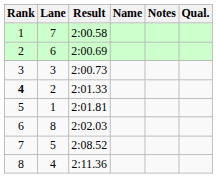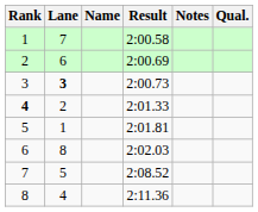 <table class="wikitable sortable" style="text-align:center">
 <tr>
 <th>Rank</th>
 <th>Lane</th>
+<th>Name</th>
 <th>Result</th>
-<th>Name</th>
 <th>Notes</th>
 <th>Qual.</th>
 </tr>
 <tr bgcolor=ccffcc>
 <td>1</td>
 <td>7</td>
+<td align="left"></td>
 <td>2:00.58</td>
-<td align="left"></td>
 <td></td>
 <td></td>
 </tr>
 <tr bgcolor=ccffcc>
 <td>2</td>
 <td>6</td>
+<td align="left"></td>
 <td>2:00.69</td>
-<td align="left"></td>
 <td></td>
 <td></td>
 </tr>
 <tr>
 <td>3</td>
-<td>3</td>
+<td><strong>3</strong></td>
+<td align="left"></td>
 <td>2:00.73</td>
-<td align="left"></td>
 <td></td>
 <td></td>
 </tr>
 <tr>
 <td><strong>4</strong></td>
 <td>2</td>
+<td align="left"></td>
 <td>2:01.33</td>
-<td align="left"></td>
 <td></td>
 <td></td>
 </tr>
 <tr>
 <td>5</td>
 <td>1</td>
+<td align="left"></td>
 <td>2:01.81</td>
-<td align="left"></td>
 <td></td>
 <td></td>
 </tr>
 <tr>
 <td>6</td>
 <td>8</td>
+<td align="left"></td>
 <td>2:02.03</td>
-<td align="left"></td>
 <td></td>
 <td></td>
 </tr>
 <tr>
 <td>7</td>
 <td>5</td>
+<td align="left"></td>
 <td>2:08.52</td>
-<td align="left"></td>
 <td></td>
 <td></td>
 </tr>
 <tr>
 <td>8</td>
 <td>4</td>
+<td align="left"></td>
 <td>2:11.36</td>
-<td align="left"></td>
 <td></td>
 <td></td>
 </tr>
 </table>
